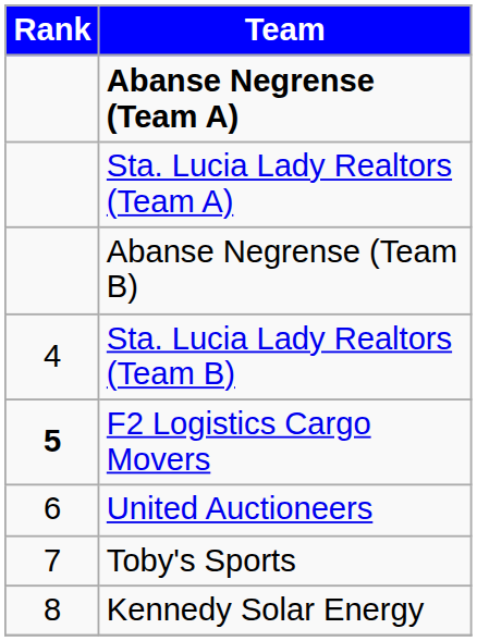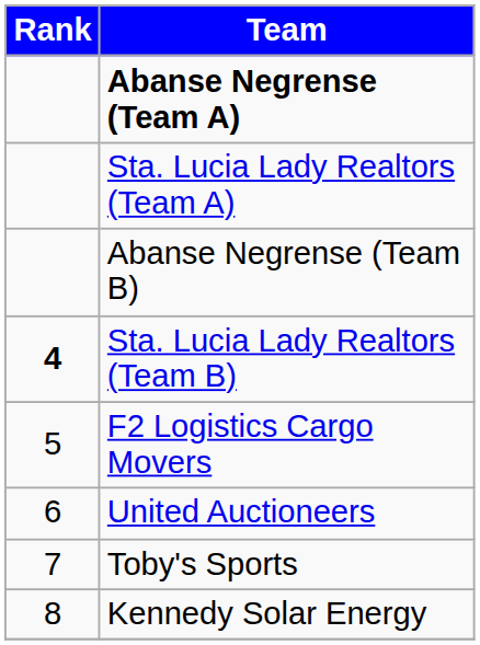 <table class="wikitable" style="text-align: center;">
 <tr>
 <th width=40 style="background:blue; color:white;">Rank</th>
 <th width=180 style="background:blue; color:white;">Team</th>
 </tr>
 <tr>
 <td></td>
 <td align="left"><strong>Abanse Negrense (Team A)</strong></td>
 </tr>
 <tr>
 <td></td>
 <td align="left"><a href='#'>Sta. Lucia Lady Realtors (Team A)</a></td>
 </tr>
 <tr>
 <td></td>
 <td align="left">Abanse Negrense (Team B)</td>
 </tr>
 <tr>
-<td>4</td>
+<td><strong>4</strong></td>
 <td align="left"><a href='#'>Sta. Lucia Lady Realtors (Team B)</a></td>
 </tr>
 <tr>
-<td><strong>5</strong></td>
+<td>5</td>
 <td align="left"><a href='#'>F2 Logistics Cargo Movers</a></td>
 </tr>
 <tr>
 <td>6</td>
 <td align="left"><a href='#'>United Auctioneers</a></td>
 </tr>
 <tr>
 <td>7</td>
 <td align="left">Toby's Sports</td>
 </tr>
 <tr>
 <td>8</td>
 <td align="left">Kennedy Solar Energy</td>
 </tr>
 <tr>
 </tr>
 </table>
